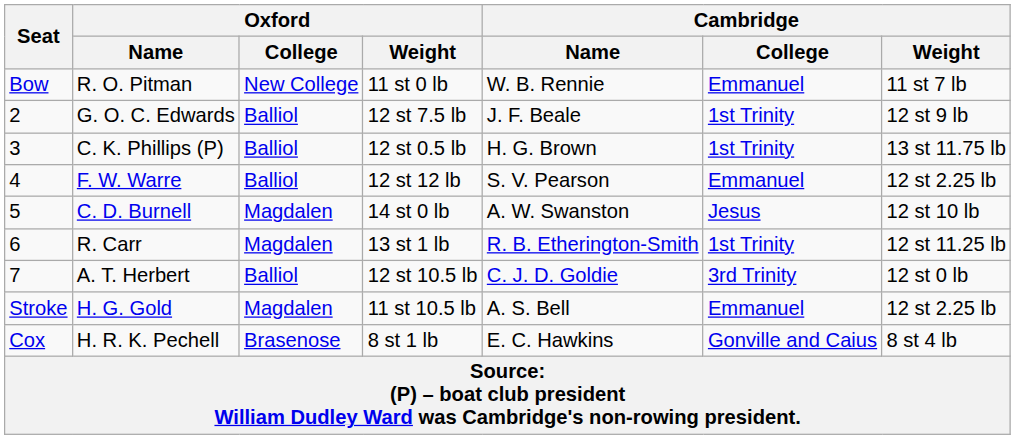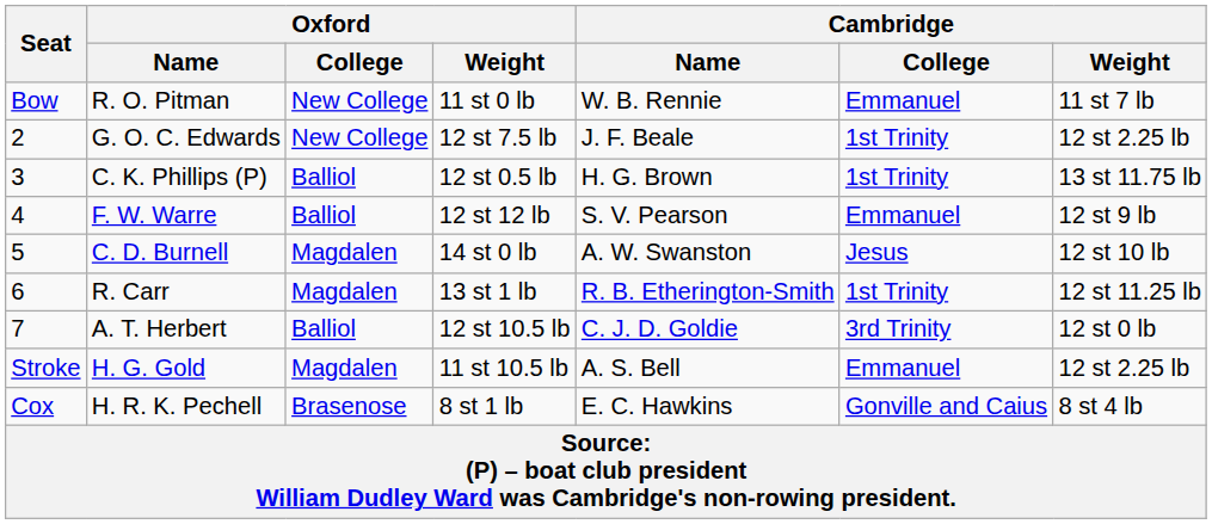 <table class="wikitable">
 <tr>
 <th rowspan="2" scope="col">Seat</th>
 <th colspan="3" scope="col">Oxford <br> </th>
 <th colspan="3" scope="col">Cambridge <br> </th>
 </tr>
 <tr>
 <th>Name</th>
 <th>College</th>
 <th>Weight</th>
 <th>Name</th>
 <th>College</th>
 <th>Weight</th>
 </tr>
 <tr>
 <td><a href='#'>Bow</a></td>
 <td>R. O. Pitman</td>
 <td><a href='#'>New College</a></td>
 <td>11 st 0 lb</td>
 <td>W. B. Rennie</td>
 <td><a href='#'>Emmanuel</a></td>
 <td>11 st 7 lb</td>
 </tr>
 <tr>
 <td>2</td>
 <td>G. O. C. Edwards</td>
-<td><a href='#'>Balliol</a></td>
+<td><a href='#'>New College</a></td>
 <td>12 st 7.5 lb</td>
 <td>J. F. Beale</td>
 <td><a href='#'>1st Trinity</a></td>
-<td>12 st 9 lb</td>
+<td>12 st 2.25 lb</td>
 </tr>
 <tr>
 <td>3</td>
 <td>C. K. Phillips (P)</td>
 <td><a href='#'>Balliol</a></td>
 <td>12 st 0.5 lb</td>
 <td>H. G. Brown</td>
 <td><a href='#'>1st Trinity</a></td>
 <td>13 st 11.75 lb</td>
 </tr>
 <tr>
 <td>4</td>
 <td><a href='#'>F. W. Warre</a></td>
 <td><a href='#'>Balliol</a></td>
 <td>12 st 12 lb</td>
 <td>S. V. Pearson</td>
 <td><a href='#'>Emmanuel</a></td>
-<td>12 st 2.25 lb</td>
+<td>12 st 9 lb</td>
 </tr>
 <tr>
 <td>5</td>
 <td><a href='#'>C. D. Burnell</a></td>
 <td><a href='#'>Magdalen</a></td>
 <td>14 st 0 lb</td>
 <td>A. W. Swanston</td>
 <td><a href='#'>Jesus</a></td>
 <td>12 st 10 lb</td>
 </tr>
 <tr>
 <td>6</td>
 <td>R. Carr</td>
 <td><a href='#'>Magdalen</a></td>
 <td>13 st 1 lb</td>
 <td><a href='#'>R. B. Etherington-Smith</a></td>
 <td><a href='#'>1st Trinity</a></td>
 <td>12 st 11.25 lb</td>
 </tr>
 <tr>
 <td>7</td>
 <td>A. T. Herbert</td>
 <td><a href='#'>Balliol</a></td>
 <td>12 st 10.5 lb</td>
 <td><a href='#'>C. J. D. Goldie</a></td>
 <td><a href='#'>3rd Trinity</a></td>
 <td>12 st 0 lb</td>
 </tr>
 <tr>
 <td><a href='#'>Stroke</a></td>
 <td><a href='#'>H. G. Gold</a></td>
 <td><a href='#'>Magdalen</a></td>
 <td>11 st 10.5 lb</td>
 <td>A. S. Bell</td>
 <td><a href='#'>Emmanuel</a></td>
 <td>12 st 2.25 lb</td>
 </tr>
 <tr>
 <td><a href='#'>Cox</a></td>
 <td>H. R. K. Pechell</td>
 <td><a href='#'>Brasenose</a></td>
 <td>8 st 1 lb</td>
 <td>E. C. Hawkins</td>
 <td><a href='#'>Gonville and Caius</a></td>
 <td>8 st 4 lb</td>
 </tr>
 <tr>
 <th colspan="7">Source:<br>(P) – boat club president<br><a href='#'>William Dudley Ward</a> was Cambridge's non-rowing president.</th>
 </tr>
 </table>
